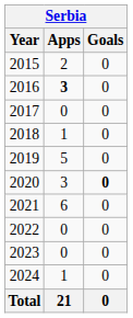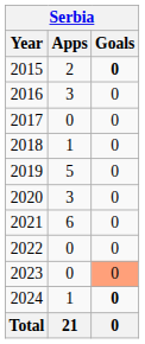 <table class="wikitable" style="text-align:center">
 <tr>
 <th colspan=3><a href='#'>Serbia</a></th>
 </tr>
 <tr>
 <th>Year</th>
 <th>Apps</th>
 <th>Goals</th>
 </tr>
 <tr>
 <td>2015</td>
 <td>2</td>
-<td>0</td>
+<td><strong>0</strong></td>
 </tr>
 <tr>
 <td>2016</td>
-<td><strong>3</strong></td>
+<td>3</td>
 <td>0</td>
 </tr>
 <tr>
 <td>2017</td>
 <td>0</td>
 <td>0</td>
 </tr>
 <tr>
 <td>2018</td>
 <td>1</td>
 <td>0</td>
 </tr>
 <tr>
 <td>2019</td>
 <td>5</td>
 <td>0</td>
 </tr>
 <tr>
 <td>2020</td>
 <td>3</td>
-<td><strong>0</strong></td>
+<td>0</td>
 </tr>
 <tr>
 <td>2021</td>
 <td>6</td>
 <td>0</td>
 </tr>
 <tr>
 <td>2022</td>
 <td>0</td>
 <td>0</td>
 </tr>
 <tr>
 <td>2023</td>
 <td>0</td>
-<td>0</td>
+<td style="background: lightsalmon;">0</td>
 </tr>
 <tr>
 <td>2024</td>
 <td>1</td>
-<td>0</td>
+<td><strong>0</strong></td>
 </tr>
 <tr>
 <th>Total</th>
 <th>21</th>
 <th>0</th>
 </tr>
 </table>
